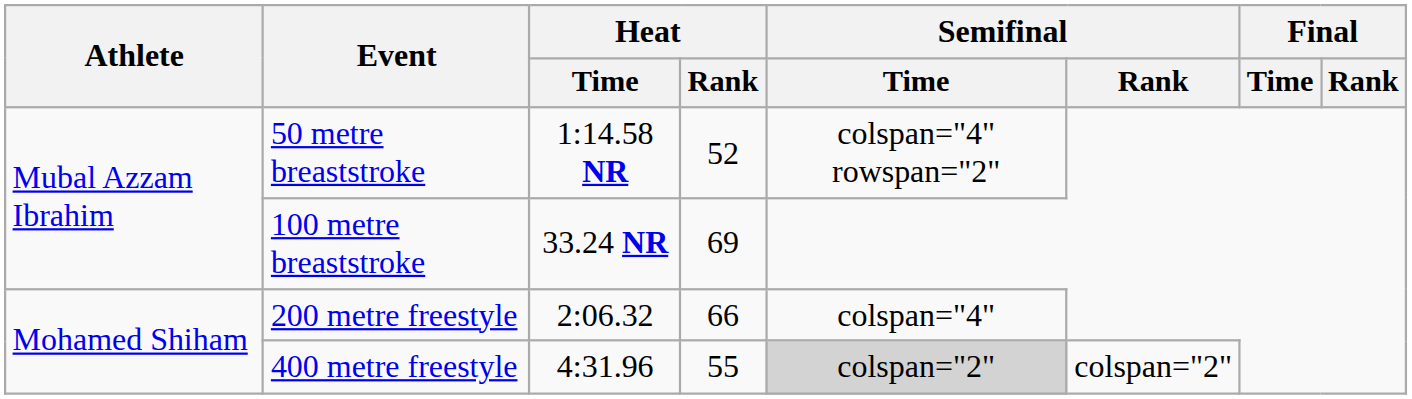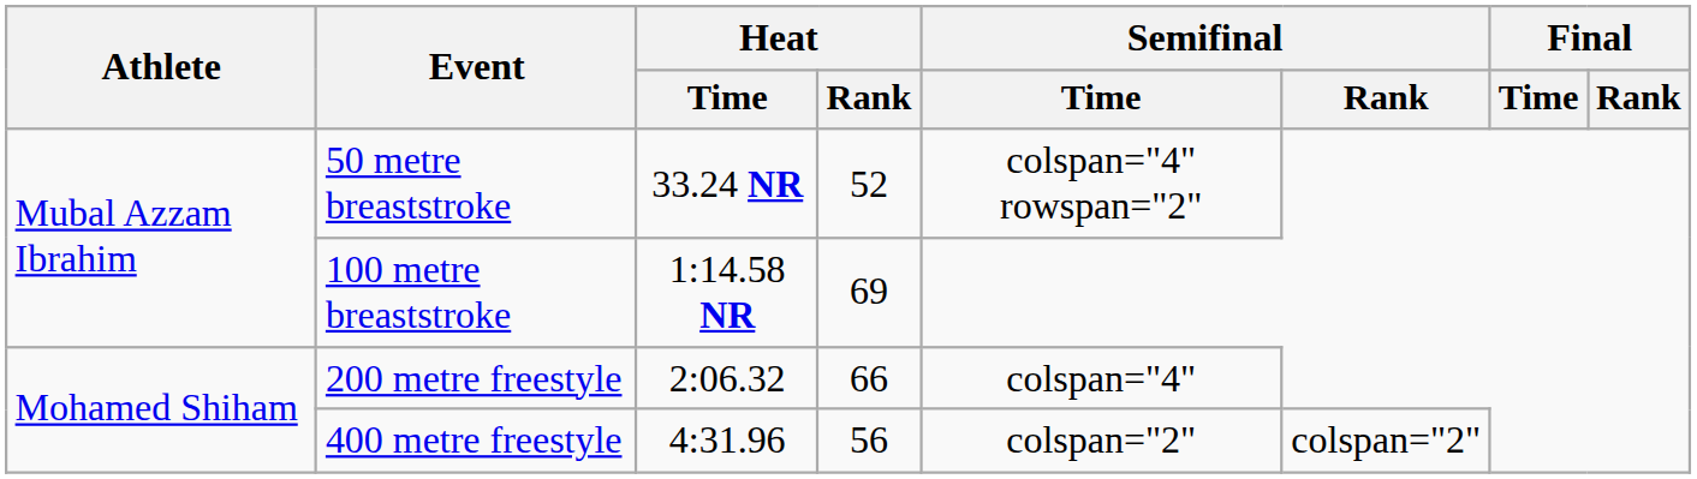 <table class="wikitable" style="text-align:center; font-size:90%; width:50%;">
 <tr>
 <th rowspan="2">Athlete</th>
 <th rowspan="2">Event</th>
 <th colspan="2">Heat</th>
 <th colspan="2">Semifinal</th>
 <th colspan="2">Final</th>
 </tr>
 <tr style="font-size:95%">
 <th>Time</th>
 <th>Rank</th>
 <th>Time</th>
 <th>Rank</th>
 <th>Time</th>
 <th>Rank</th>
 </tr>
 <tr align=center>
 <td align=left rowspan="2"><a href='#'>Mubal Azzam Ibrahim</a></td>
 <td align=left><a href='#'>50 metre breaststroke</a></td>
-<td>1:14.58 <strong><a href='#'>NR</a></strong></td>
+<td>33.24 <strong><a href='#'>NR</a></strong></td>
 <td>52</td>
 <td>colspan="4" rowspan="2"</td>
 </tr>
 <tr align=center>
 <td align=left><a href='#'>100 metre breaststroke</a></td>
-<td>33.24 <strong><a href='#'>NR</a></strong></td>
+<td>1:14.58 <strong><a href='#'>NR</a></strong></td>
 <td>69</td>
 </tr>
 <tr align=center>
 <td align=left rowspan="2"><a href='#'>Mohamed Shiham</a></td>
 <td align=left><a href='#'>200 metre freestyle</a></td>
 <td>2:06.32</td>
 <td>66</td>
 <td>colspan="4" </td>
 </tr>
 <tr align=center>
 <td align=left><a href='#'>400 metre freestyle</a></td>
 <td>4:31.96</td>
-<td>55</td>
-<td style="background: lightgrey;">colspan="2" </td>
+<td>56</td>
+<td>colspan="2" </td>
 <td>colspan="2" </td>
 </tr>
 </table>
